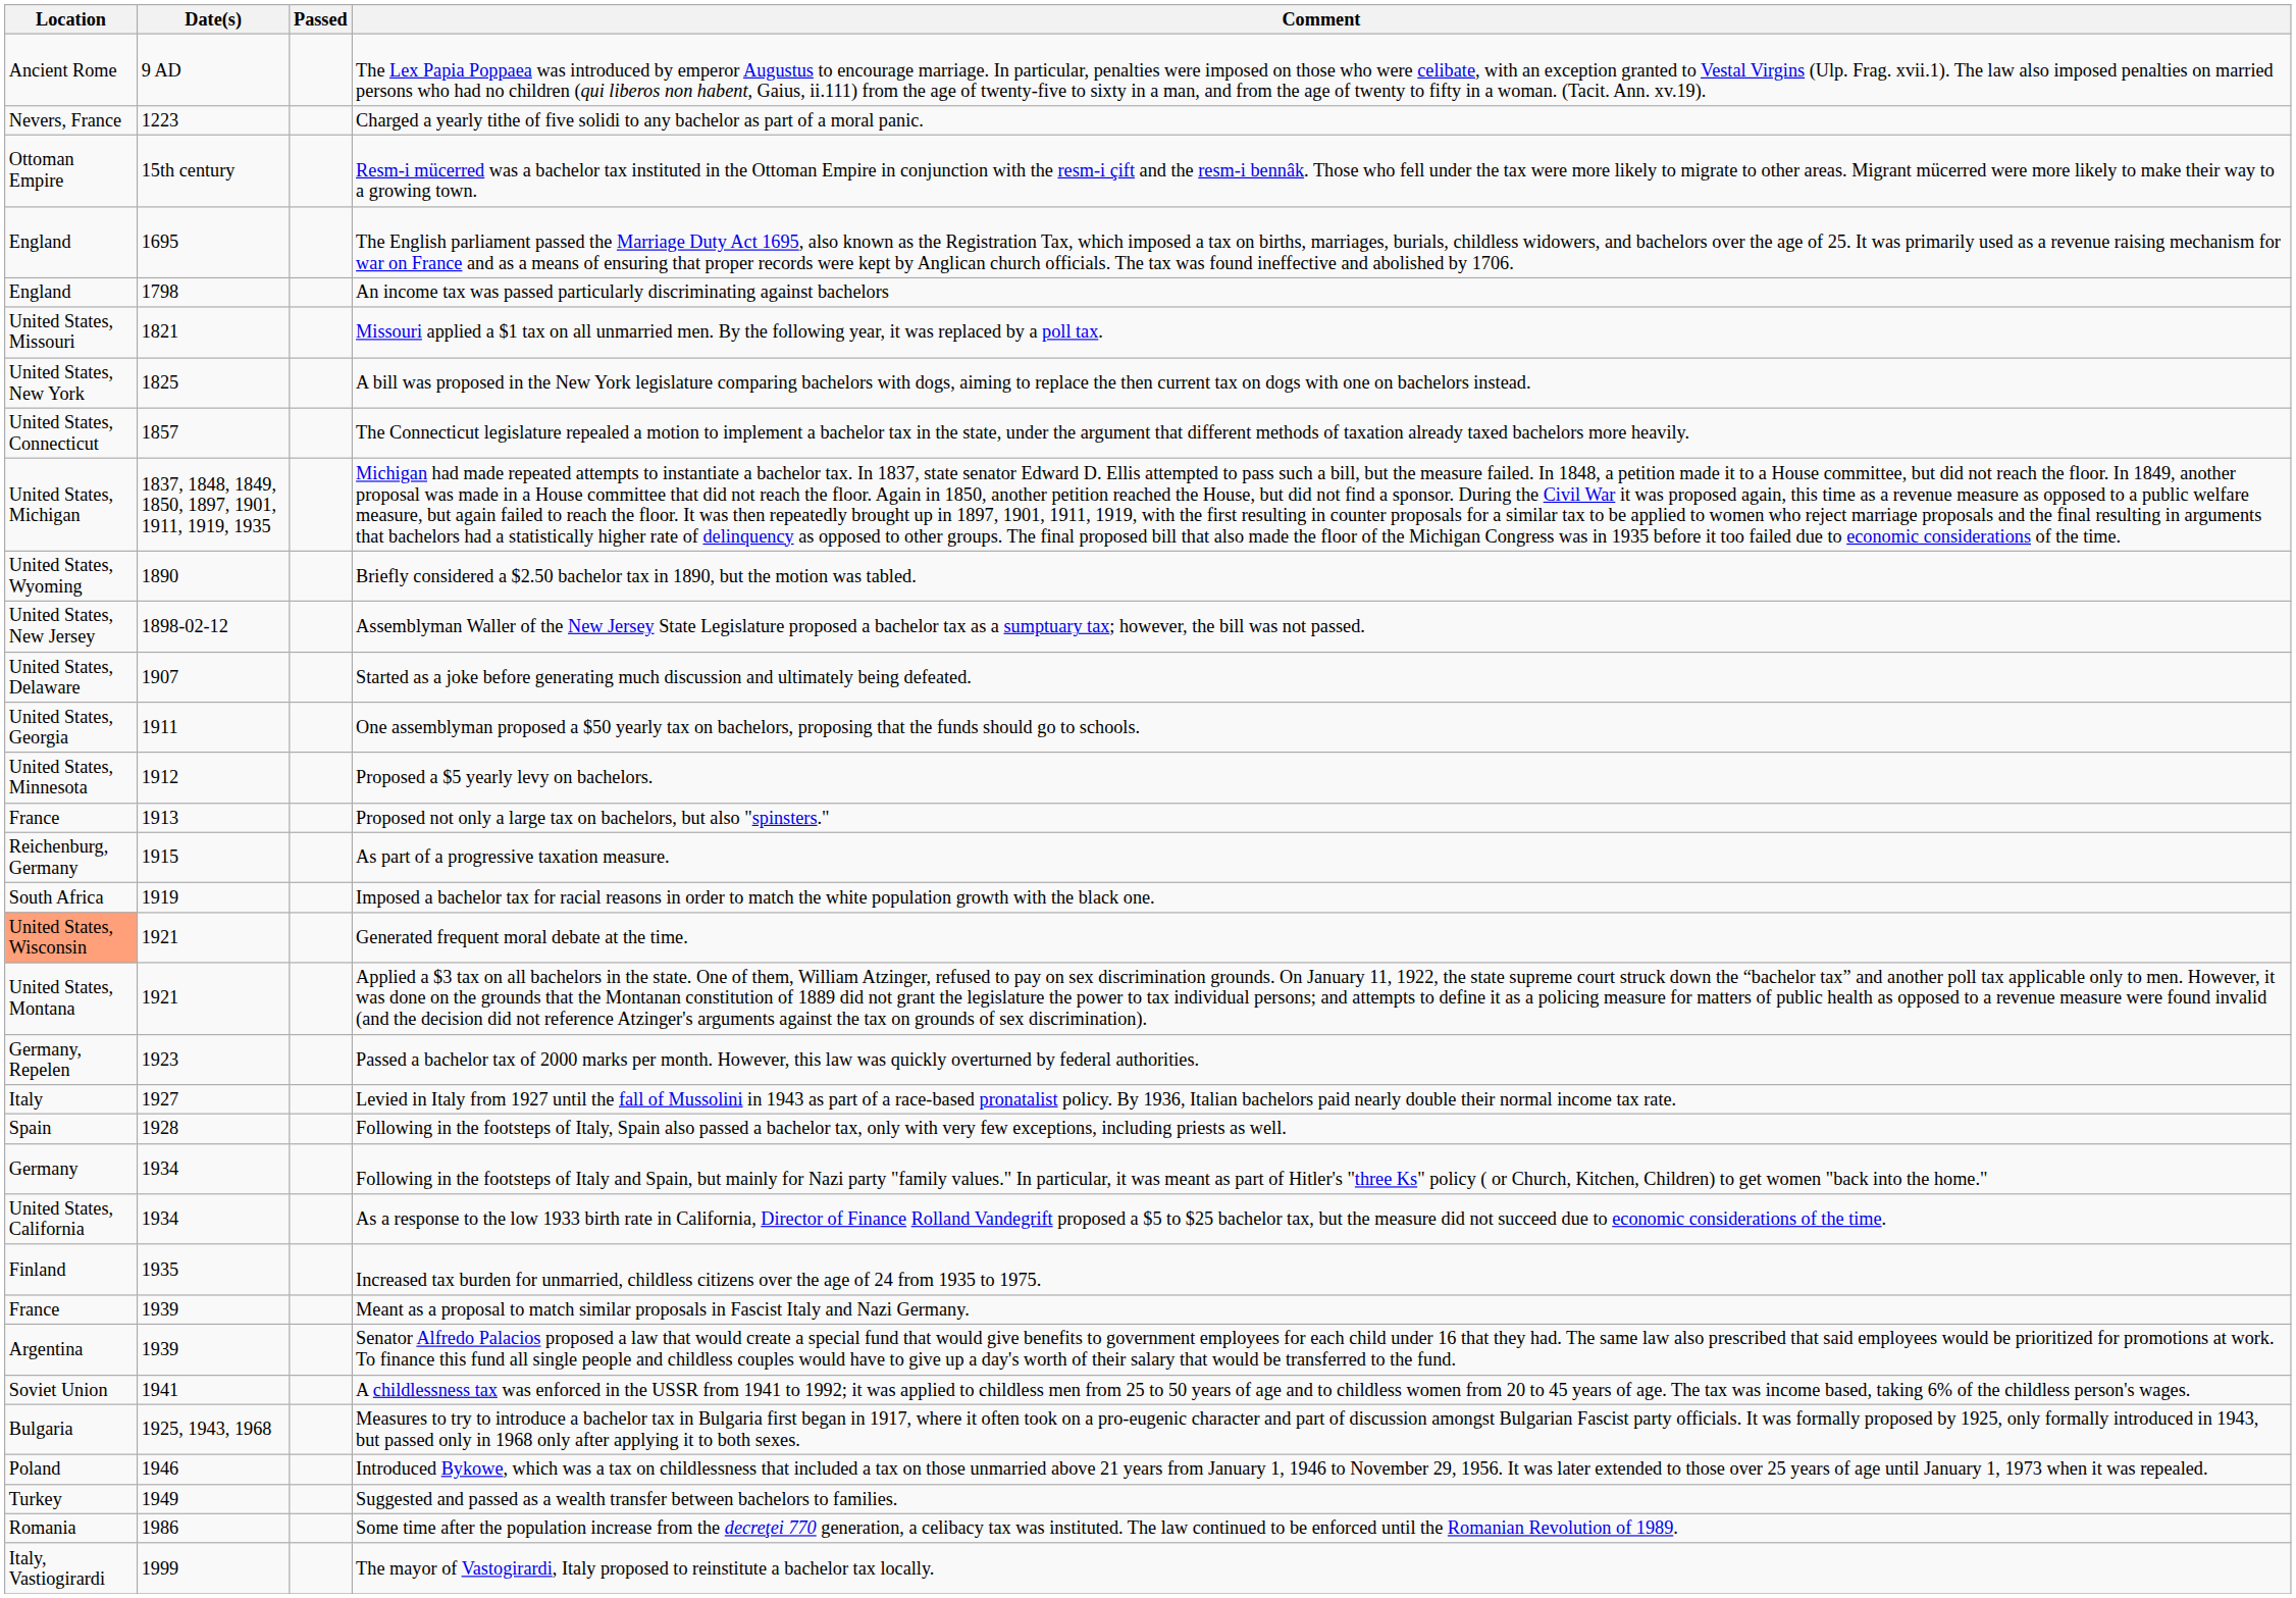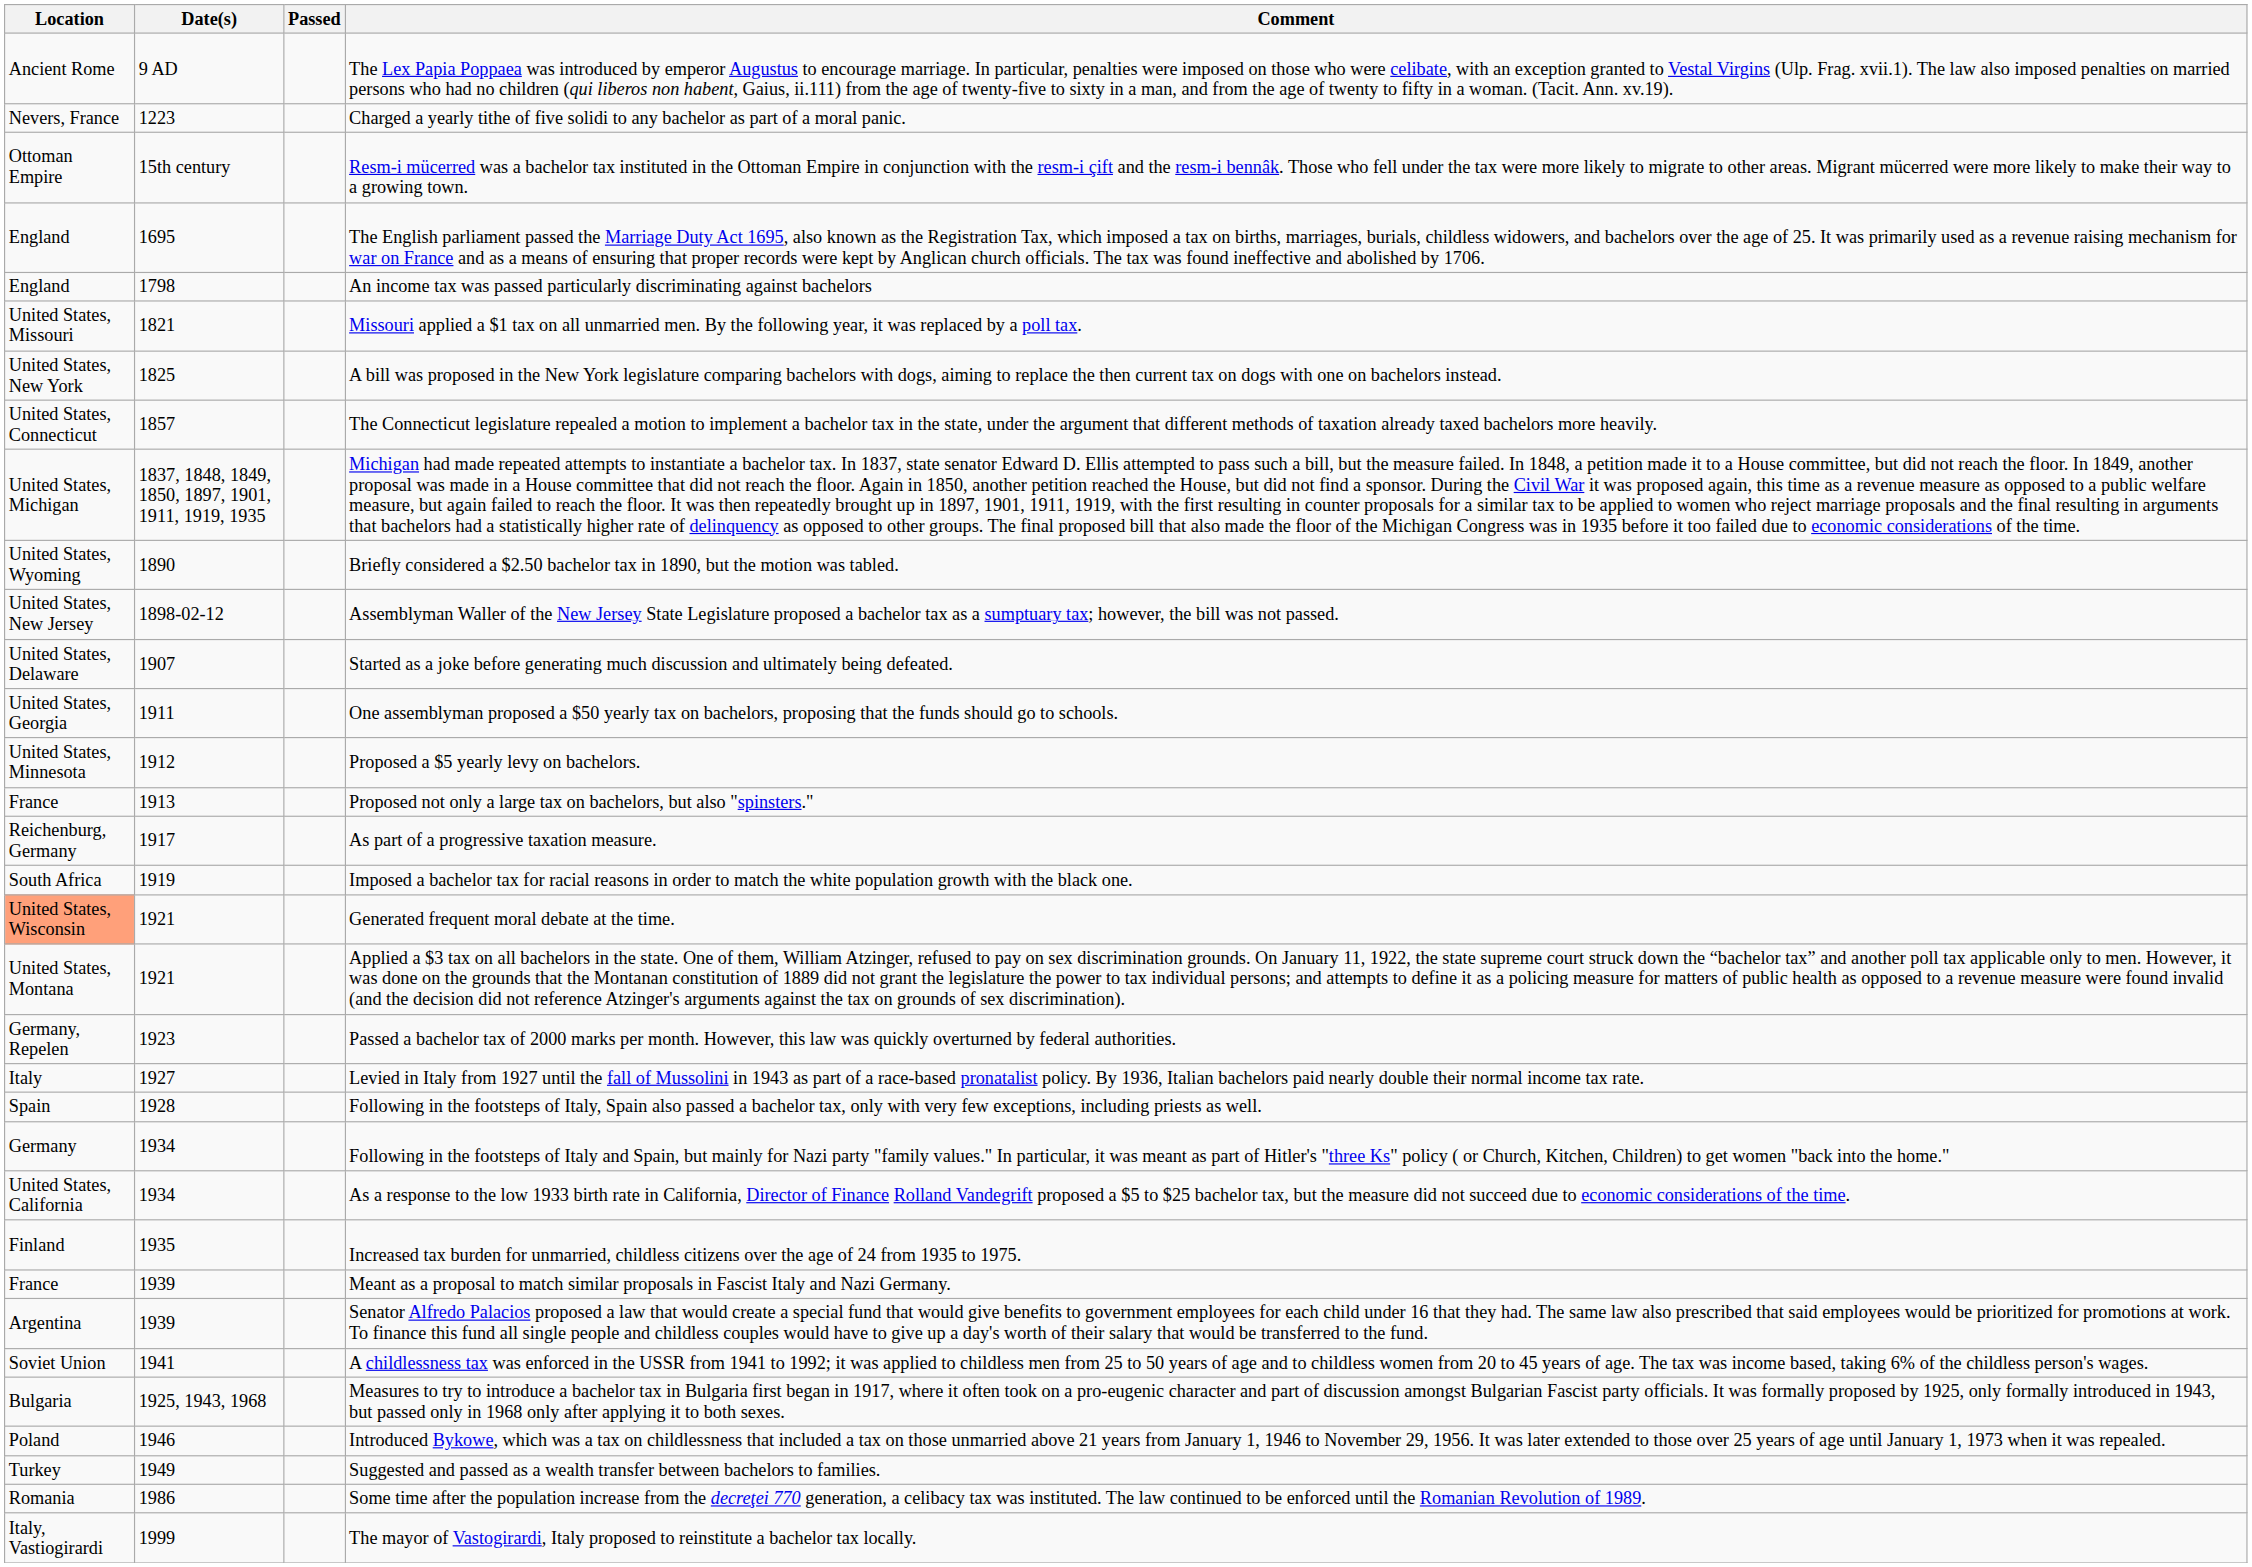 <table class=wikitable>
 <tr>
 <th>Location</th>
 <th>Date(s)</th>
 <th>Passed</th>
 <th>Comment</th>
 </tr>
 <tr>
 <td>Ancient Rome</td>
 <td>9 AD</td>
 <td></td>
 <td><br> The <a href='#'>Lex Papia Poppaea</a> was introduced by emperor <a href='#'>Augustus</a> to encourage marriage. In particular, penalties were imposed on those who were <a href='#'>celibate</a>, with an exception granted to <a href='#'>Vestal Virgins</a> (Ulp. Frag. xvii.1). The law also imposed penalties on married persons who had no children (<em>qui liberos non habent</em>, Gaius, ii.111) from the age of twenty-five to sixty in a man, and from the age of twenty to fifty in a woman. (Tacit. Ann. xv.19).</td>
 </tr>
 <tr>
 <td>Nevers, France</td>
 <td>1223</td>
 <td></td>
 <td>Charged a yearly tithe of five solidi to any bachelor as part of a moral panic.</td>
 </tr>
 <tr>
 <td>Ottoman Empire</td>
 <td>15th century</td>
 <td></td>
 <td><br><a href='#'>Resm-i mücerred</a> was a bachelor tax instituted in the Ottoman Empire in conjunction with the <a href='#'>resm-i çift</a> and the <a href='#'>resm-i bennâk</a>. Those who fell under the tax were more likely to migrate to other areas. Migrant mücerred were more likely to make their way to a growing town.</td>
 </tr>
 <tr>
 <td>England</td>
 <td>1695</td>
 <td></td>
 <td><br>The English parliament passed the <a href='#'>Marriage Duty Act 1695</a>, also known as the Registration Tax, which imposed a tax on births, marriages, burials, childless widowers, and bachelors over the age of 25. It was primarily used as a revenue raising mechanism for <a href='#'>war on France</a> and as a means of ensuring that proper records were kept by Anglican church officials.  The tax was found ineffective and abolished by 1706.</td>
 </tr>
 <tr>
 <td>England</td>
 <td>1798</td>
 <td></td>
 <td>An income tax was passed particularly discriminating against bachelors </td>
 </tr>
 <tr>
 <td>United States, Missouri</td>
 <td>1821</td>
 <td></td>
 <td><a href='#'>Missouri</a> applied a $1 tax on all unmarried men. By the following year, it was replaced by a <a href='#'>poll tax</a>.</td>
 </tr>
 <tr>
 <td>United States, New York</td>
 <td>1825</td>
 <td></td>
 <td>A bill was proposed in the New York legislature comparing bachelors with dogs, aiming to replace the then current tax on dogs with one on bachelors instead.</td>
 </tr>
 <tr>
 <td>United States, Connecticut</td>
 <td>1857</td>
 <td></td>
 <td>The Connecticut legislature repealed a motion to implement a bachelor tax in the state, under the argument that different methods of taxation already taxed bachelors more heavily.</td>
 </tr>
 <tr>
 <td>United States, Michigan</td>
 <td>1837, 1848, 1849, 1850, 1897, 1901, 1911, 1919, 1935</td>
 <td></td>
 <td><a href='#'>Michigan</a> had made repeated attempts to instantiate a bachelor tax. In 1837, state senator Edward D. Ellis attempted to pass such a bill, but the measure failed. In 1848, a petition made it to a House committee, but did not reach the floor. In 1849, another proposal was made in a House committee that did not reach the floor. Again in 1850, another petition reached the House, but did not find a sponsor. During the <a href='#'>Civil War</a> it was proposed again, this time as a revenue measure as opposed to a public welfare measure, but again failed to reach the floor. It was then repeatedly brought up in 1897, 1901, 1911, 1919, with the first resulting in counter proposals for a similar tax to be applied to women who reject marriage proposals and the final resulting in arguments that bachelors had a statistically higher rate of <a href='#'>delinquency</a> as opposed to other groups. The final proposed bill that also made the floor of the Michigan Congress was in 1935 before it too failed due to <a href='#'>economic considerations</a> of the time.</td>
 </tr>
 <tr>
 <td>United States, Wyoming</td>
 <td>1890</td>
 <td></td>
 <td>Briefly considered a $2.50 bachelor tax in 1890, but the motion was tabled.</td>
 </tr>
 <tr>
 <td>United States, New Jersey</td>
 <td>1898-02-12</td>
 <td></td>
 <td>Assemblyman Waller of the <a href='#'>New Jersey</a> State Legislature proposed a bachelor tax as a <a href='#'>sumptuary tax</a>; however, the bill was not passed.</td>
 </tr>
 <tr>
 <td>United States, Delaware</td>
 <td>1907</td>
 <td></td>
 <td>Started as a joke before generating much discussion and ultimately being defeated.</td>
 </tr>
 <tr>
 <td>United States, Georgia</td>
 <td>1911</td>
 <td></td>
 <td>One assemblyman proposed a $50 yearly tax on bachelors, proposing that the funds should go to schools.</td>
 </tr>
 <tr>
 <td>United States, Minnesota</td>
 <td>1912</td>
 <td></td>
 <td>Proposed a $5 yearly levy on bachelors.</td>
 </tr>
 <tr>
 <td>France</td>
 <td>1913</td>
 <td></td>
 <td>Proposed not only a large tax on bachelors, but also "<a href='#'>spinsters</a>."</td>
 </tr>
 <tr>
 <td>Reichenburg, Germany</td>
-<td>1915</td>
+<td>1917</td>
 <td></td>
 <td>As part of a progressive taxation measure.</td>
 </tr>
 <tr>
 <td>South Africa</td>
 <td>1919</td>
 <td></td>
 <td>Imposed a bachelor tax for racial reasons in order to match the white population growth with the black one.</td>
 </tr>
 <tr>
 <td style="background: lightsalmon;">United States, Wisconsin</td>
 <td>1921</td>
 <td></td>
 <td>Generated frequent moral debate at the time.</td>
 </tr>
 <tr>
 <td>United States, Montana</td>
 <td>1921</td>
 <td></td>
 <td>Applied a $3 tax on all bachelors in the state. One of them, William Atzinger, refused to pay on sex discrimination grounds. On January 11, 1922, the state supreme court struck down the “bachelor tax” and another poll tax applicable only to men. However, it was done on the grounds that the Montanan constitution of 1889 did not grant the legislature the power to tax individual persons; and attempts to define it as a policing measure for matters of public health as opposed to a revenue measure were found invalid (and the decision did not reference Atzinger's arguments against the tax on grounds of sex discrimination).</td>
 </tr>
 <tr>
 <td>Germany, Repelen</td>
 <td>1923</td>
 <td></td>
 <td>Passed a bachelor tax of 2000 marks per month. However, this law was quickly overturned by federal authorities.</td>
 </tr>
 <tr>
 <td>Italy</td>
 <td>1927</td>
 <td></td>
 <td>Levied in Italy from 1927 until the <a href='#'>fall of Mussolini</a> in 1943 as part of a race-based <a href='#'>pronatalist</a> policy. By 1936, Italian bachelors paid nearly double their normal income tax rate.</td>
 </tr>
 <tr>
 <td>Spain</td>
 <td>1928</td>
 <td></td>
 <td>Following in the footsteps of Italy, Spain also passed a bachelor tax, only with very few exceptions, including priests as well.</td>
 </tr>
 <tr>
 <td>Germany</td>
 <td>1934</td>
 <td></td>
 <td><br>Following in the footsteps of Italy and Spain, but mainly for Nazi party "family values." In particular, it was meant as part of Hitler's "<a href='#'>three Ks</a>" policy ( or Church, Kitchen, Children) to get women "back into the home."</td>
 </tr>
 <tr>
 <td>United States, California</td>
 <td>1934</td>
 <td></td>
 <td>As a response to the low 1933 birth rate in California, <a href='#'>Director of Finance</a> <a href='#'>Rolland Vandegrift</a> proposed a $5 to $25 bachelor tax, but the measure did not succeed due to <a href='#'>economic considerations of the time</a>.</td>
 </tr>
 <tr>
 <td>Finland</td>
 <td>1935</td>
 <td></td>
 <td><br>Increased tax burden for unmarried, childless citizens over the age of 24 from 1935 to 1975.</td>
 </tr>
 <tr>
 <td>France</td>
 <td>1939</td>
 <td></td>
 <td>Meant as a proposal to match similar proposals in Fascist Italy and Nazi Germany.</td>
 </tr>
 <tr>
 <td>Argentina</td>
 <td>1939</td>
 <td></td>
 <td>Senator <a href='#'>Alfredo Palacios</a> proposed a law that would create a special fund that would give benefits to government employees for each child under 16 that they had. The same law also prescribed that said employees would be prioritized for promotions at work. To finance this fund all single people and childless couples would have to give up a day's worth of their salary that would be transferred to the fund.</td>
 </tr>
 <tr>
 <td>Soviet Union</td>
 <td>1941</td>
 <td></td>
 <td>A <a href='#'>childlessness tax</a> was enforced in the USSR from 1941 to 1992; it was applied to childless men from 25 to 50 years of age and to childless women from 20 to 45 years of age. The tax was income based, taking 6% of the childless person's wages.</td>
 </tr>
 <tr>
 <td>Bulgaria</td>
 <td>1925, 1943, 1968</td>
 <td></td>
 <td>Measures to try to introduce a bachelor tax in Bulgaria first began in 1917, where it often took on a pro-eugenic character and part of discussion amongst Bulgarian Fascist party officials. It was formally proposed by 1925, only formally introduced in 1943, but passed only in 1968 only after applying it to both sexes.</td>
 </tr>
 <tr>
 <td>Poland</td>
 <td>1946</td>
 <td></td>
 <td>Introduced <a href='#'>Bykowe</a>, which was a tax on childlessness that included a tax on those unmarried above 21 years from January 1, 1946 to November 29, 1956. It was later extended to those over 25 years of age until January 1, 1973 when it was repealed.</td>
 </tr>
 <tr>
 <td>Turkey</td>
 <td>1949</td>
 <td></td>
 <td>Suggested and passed as a wealth transfer between bachelors to families.</td>
 </tr>
 <tr>
 <td>Romania</td>
 <td>1986</td>
 <td></td>
 <td>Some time after the population increase from the <em><a href='#'>decreţei 770</a></em> generation, a celibacy tax was instituted. The law continued to be enforced until the <a href='#'>Romanian Revolution of 1989</a>.</td>
 </tr>
 <tr>
 <td>Italy, Vastiogirardi</td>
 <td>1999</td>
 <td></td>
 <td>The mayor of <a href='#'>Vastogirardi</a>, Italy proposed to reinstitute a bachelor tax locally.</td>
 </tr>
 </table>
